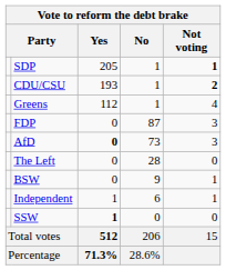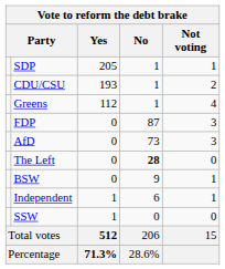 <table class="wikitable mw-collapsible" style="float:right; background: #f9f9f9; text-align: right;">
 <tr>
 <th colspan="5">Vote to reform the debt brake</th>
 </tr>
 <tr>
 <th colspan="2" scope="col" style="width: 90px">Party</th>
 <th scope="col" style="width: 50px">Yes</th>
 <th scope="col" style="width: 50px">No</th>
 <th scope="col" style="width: 70px">Not voting</th>
 </tr>
 <tr>
 <td scope="row" style="background-color:"></td>
 <td scope="row" style="text-align: left;"><a href='#'>SDP</a></td>
 <td>205</td>
 <td>1</td>
-<td><strong>1</strong></td>
+<td>1</td>
 </tr>
 <tr>
 <td scope="row" style="background-color:"></td>
 <td scope="row" style="text-align: left;"><a href='#'>CDU/CSU</a></td>
 <td>193</td>
 <td>1</td>
-<td><strong>2</strong></td>
+<td>2</td>
 </tr>
 <tr>
 <td scope="row" style="background-color:"></td>
 <td scope="row" style="text-align: left;"><a href='#'>Greens</a></td>
 <td>112</td>
 <td>1</td>
 <td>4</td>
 </tr>
 <tr>
 <td scope="row" style="background-color:"></td>
 <td scope="row" style="text-align: left;"><a href='#'>FDP</a></td>
 <td>0</td>
 <td>87</td>
 <td>3</td>
 </tr>
 <tr>
 <td scope="row" style="background-color:"></td>
 <td scope="row" style="text-align: left;"><a href='#'>AfD</a></td>
-<td><strong>0</strong></td>
+<td>0</td>
 <td>73</td>
 <td>3</td>
 </tr>
 <tr>
 <td scope="row" style="background-color:"></td>
 <td scope="row" style="text-align: left;"><a href='#'>The Left</a></td>
 <td>0</td>
-<td>28</td>
+<td><strong>28</strong></td>
 <td>0</td>
 </tr>
 <tr>
 <td scope="row" style="background-color:"></td>
 <td scope="row" style="text-align: left;"><a href='#'>BSW</a></td>
 <td>0</td>
 <td>9</td>
 <td>1</td>
 </tr>
 <tr>
 <td scope="row" style="background-color:"></td>
 <td scope="row" style="text-align: left;"><a href='#'>Independent</a></td>
 <td>1</td>
 <td>6</td>
 <td>1</td>
 </tr>
 <tr>
 <td scope="row" style="background-color:"></td>
 <td scope="row" style="text-align: left;"><a href='#'>SSW</a></td>
-<td><strong>1</strong></td>
+<td>1</td>
 <td>0</td>
 <td>0</td>
 </tr>
 <tr class="tfoot" style="background:#f2f2f2;">
 <td colspan="2" scope="row" style="text-align:left;">Total votes</td>
 <td> <strong>512</strong></td>
 <td>206</td>
 <td>15</td>
 </tr>
 <tr class="tfoot" style="background:#f2f2f2;">
 <td colspan="2" scope="row" style="text-align:left;">Percentage</td>
 <td><strong>71.3%</strong></td>
 <td>28.6%</td>
 <td></td>
 </tr>
 </table>
